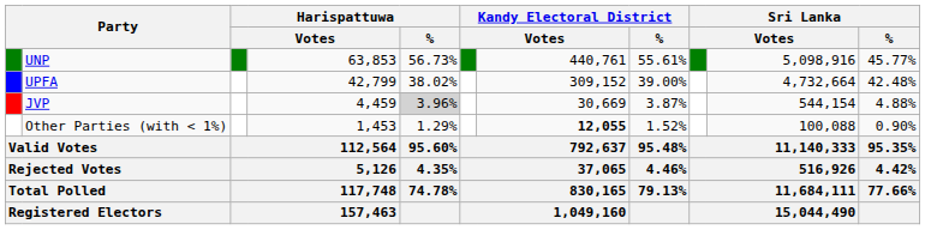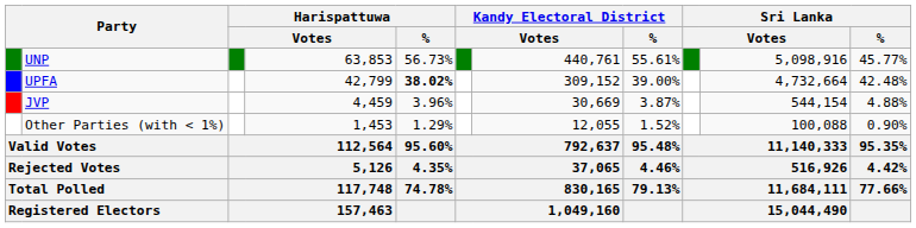 <table class="wikitable">
 <tr>
 <th colspan="2" width="144px"rowspan="2">Party</th>
 <th colspan="3" width="216px">Harispattuwa</th>
 <th colspan="3" width="216px"><a href='#'>Kandy Electoral District</a></th>
 <th colspan="3" width="216px">Sri Lanka</th>
 </tr>
 <tr>
 <th colspan="2" width="144px">Votes</th>
 <th>%</th>
 <th colspan="2" width="144px">Votes</th>
 <th>%</th>
 <th colspan="2" width="144px">Votes</th>
 <th>%</th>
 </tr>
 <tr>
 <td style="background-color:green;" width="10px"></td>
 <td style="text-align:left;"><a href='#'>UNP</a></td>
 <td style="background-color:green;" width="10px"></td>
 <td style="text-align:right;">63,853</td>
 <td style="text-align:right;">56.73%</td>
 <td style="background-color:green;" width="10px"></td>
 <td style="text-align:right;">440,761</td>
 <td style="text-align:right;">55.61%</td>
 <td style="background-color:green;" width="10px"></td>
 <td style="text-align:right;">5,098,916</td>
 <td style="text-align:right;">45.77%</td>
 </tr>
 <tr>
 <td style="background-color:blue;" width="10px"></td>
 <td style="text-align:left;"><a href='#'>UPFA</a></td>
 <td style="background-color:white;" width="10px"></td>
 <td style="text-align:right;">42,799</td>
-<td style="text-align:right;">38.02%</td>
+<td style="text-align:right;"><strong>38.02%</strong></td>
 <td style="background-color:white;" width="10px"></td>
 <td style="text-align:right;">309,152</td>
 <td style="text-align:right;">39.00%</td>
 <td style="background-color:white;" width="10px"></td>
 <td style="text-align:right;">4,732,664</td>
 <td style="text-align:right;">42.48%</td>
 </tr>
 <tr>
 <td style="background-color:red;" width="10px"></td>
 <td style="text-align:left;"><a href='#'>JVP</a></td>
 <td style="background-color:white;" width="10px"></td>
 <td style="text-align:right;">4,459</td>
-<td style="background: lightgrey; text-align:right;">3.96%</td>
+<td style="text-align:right;">3.96%</td>
 <td style="background-color:white;" width="10px"></td>
 <td style="text-align:right;">30,669</td>
 <td style="text-align:right;">3.87%</td>
 <td style="background-color:white;" width="10px"></td>
 <td style="text-align:right;">544,154</td>
 <td style="text-align:right;">4.88%</td>
 </tr>
 <tr>
 <td style="background-color:white;" width="10px"></td>
 <td style="text-align:left;">Other Parties (with < 1%)</td>
 <td style="background-color:white;" width="10px"></td>
 <td style="text-align:right;">1,453</td>
 <td style="text-align:right;">1.29%</td>
 <td style="background-color:white;" width="10px"></td>
-<td style="text-align:right;"><strong>12,055</strong></td>
+<td style="text-align:right;">12,055</td>
 <td style="text-align:right;">1.52%</td>
 <td style="background-color:white;" width="10px"></td>
 <td style="text-align:right;">100,088</td>
 <td style="text-align:right;">0.90%</td>
 </tr>
 <tr>
 <th colspan="2" width="144px"style="text-align:left;">Valid Votes</th>
 <th style="text-align:right;"colspan="2" width="144px">112,564</th>
 <th style="text-align:right;">95.60%</th>
 <th style="text-align:right;"colspan="2" width="144px">792,637</th>
 <th style="text-align:right;">95.48%</th>
 <th style="text-align:right;"colspan="2" width="144px">11,140,333</th>
 <th style="text-align:right;">95.35%</th>
 </tr>
 <tr>
 <th colspan="2" width="144px"style="text-align:left;">Rejected Votes</th>
 <th style="text-align:right;"colspan="2" width="144px">5,126</th>
 <th style="text-align:right;">4.35%</th>
 <th style="text-align:right;"colspan="2" width="144px">37,065</th>
 <th style="text-align:right;">4.46%</th>
 <th style="text-align:right;"colspan="2" width="144px">516,926</th>
 <th style="text-align:right;">4.42%</th>
 </tr>
 <tr>
 <th colspan="2" width="144px"style="text-align:left;">Total Polled</th>
 <th style="text-align:right;"colspan="2" width="144px">117,748</th>
 <th style="text-align:right;">74.78%</th>
 <th style="text-align:right;"colspan="2" width="144px">830,165</th>
 <th style="text-align:right;">79.13%</th>
 <th style="text-align:right;"colspan="2" width="144px">11,684,111</th>
 <th style="text-align:right;">77.66%</th>
 </tr>
 <tr>
 <th colspan="2" width="144px"style="text-align:left;">Registered Electors</th>
 <th style="text-align:right;"colspan="2" width="144px">157,463</th>
 <th></th>
 <th style="text-align:right;"colspan="2" width="144px">1,049,160</th>
 <th></th>
 <th style="text-align:right;"colspan="2" width="144px">15,044,490</th>
 <th></th>
 </tr>
 </table>
